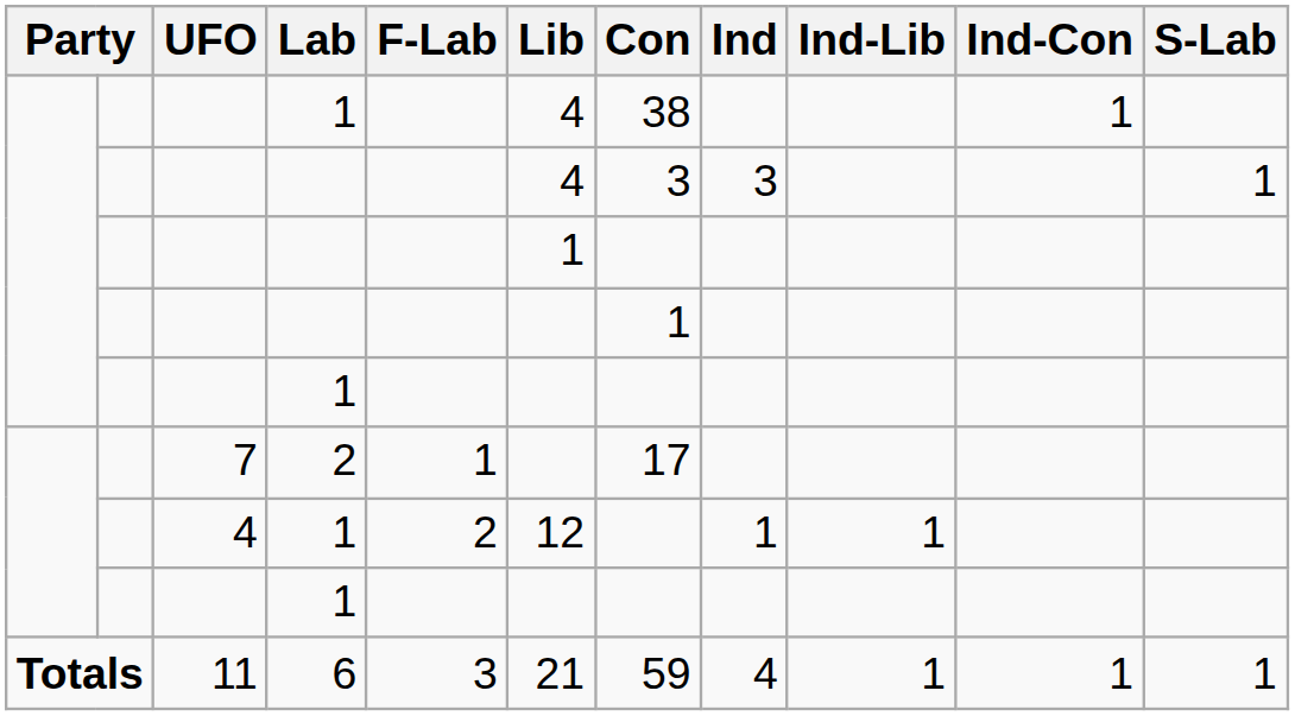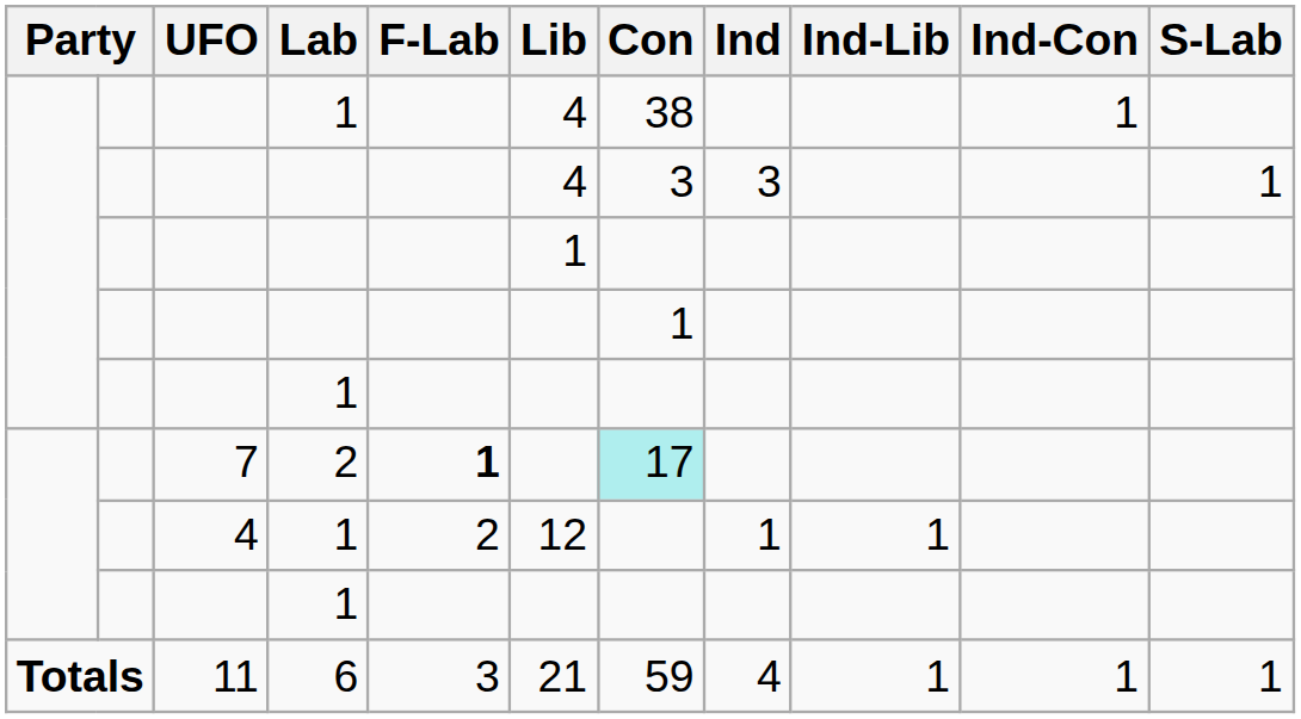 <table class="wikitable" style="text-align:right;">
 <tr>
 <th colspan="2">Party</th>
 <th>UFO</th>
 <th>Lab</th>
 <th>F-Lab</th>
 <th>Lib</th>
 <th>Con</th>
 <th>Ind</th>
 <th>Ind-Lib</th>
 <th>Ind-Con</th>
 <th>S-Lab</th>
 </tr>
 <tr>
 <td rowspan="5" > </td>
 <td style="text-align:left;"></td>
 <td></td>
 <td>1</td>
 <td></td>
 <td>4</td>
 <td>38</td>
 <td></td>
 <td></td>
 <td>1</td>
 <td></td>
 </tr>
 <tr>
 <td style="text-align:left;"></td>
 <td></td>
 <td></td>
 <td></td>
 <td>4</td>
 <td>3</td>
 <td>3</td>
 <td></td>
 <td></td>
 <td>1</td>
 </tr>
 <tr>
 <td style="text-align:left;"></td>
 <td></td>
 <td></td>
 <td></td>
 <td>1</td>
 <td></td>
 <td></td>
 <td></td>
 <td></td>
 <td></td>
 </tr>
 <tr>
 <td style="text-align:left;"></td>
 <td></td>
 <td></td>
 <td></td>
 <td></td>
 <td>1</td>
 <td></td>
 <td></td>
 <td></td>
 <td></td>
 </tr>
 <tr>
 <td style="text-align:left;"></td>
 <td></td>
 <td>1</td>
 <td></td>
 <td></td>
 <td></td>
 <td></td>
 <td></td>
 <td></td>
 <td></td>
 </tr>
 <tr>
 <td rowspan="3" > </td>
 <td style="text-align:left;"></td>
 <td>7</td>
 <td>2</td>
-<td>1</td>
+<td><strong>1</strong></td>
 <td></td>
-<td>17</td>
+<td style="background: paleturquoise;">17</td>
 <td></td>
 <td></td>
 <td></td>
 <td></td>
 </tr>
 <tr>
 <td style="text-align:left;"></td>
 <td>4</td>
 <td>1</td>
 <td>2</td>
 <td>12</td>
 <td></td>
 <td>1</td>
 <td>1</td>
 <td></td>
 <td></td>
 </tr>
 <tr>
 <td style="text-align:left;"></td>
 <td></td>
 <td>1</td>
 <td></td>
 <td></td>
 <td></td>
 <td></td>
 <td></td>
 <td></td>
 <td></td>
 </tr>
 <tr>
 <td colspan="2" style="text-align:left;"><strong>Totals</strong></td>
 <td>11</td>
 <td>6</td>
 <td>3</td>
 <td>21</td>
 <td>59</td>
 <td>4</td>
 <td>1</td>
 <td>1</td>
 <td>1</td>
 </tr>
 </table>
